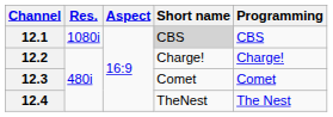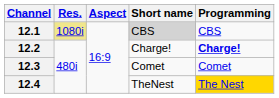 <table class="wikitable">
 <tr>
 <th scope = "col"><a href='#'>Channel</a></th>
 <th scope = "col"><a href='#'>Res.</a></th>
 <th scope = "col"><a href='#'>Aspect</a></th>
 <th scope = "col">Short name</th>
 <th scope = "col">Programming</th>
 </tr>
 <tr>
 <th scope = "row">12.1</th>
-<td><a href='#'>1080i</a></td>
+<td style="background: khaki;"><a href='#'>1080i</a></td>
 <td rowspan="4"><a href='#'>16:9</a></td>
 <td style="background: lightgrey;">CBS</td>
 <td><a href='#'>CBS</a></td>
 </tr>
 <tr>
 <th scope = "row">12.2</th>
 <td rowspan="3"><a href='#'>480i</a></td>
 <td>Charge!</td>
-<td><a href='#'>Charge!</a></td>
+<td><strong><a href='#'>Charge!</a></strong></td>
 </tr>
 <tr>
 <th scope = "row">12.3</th>
 <td>Comet</td>
 <td><a href='#'>Comet</a></td>
 </tr>
 <tr>
 <th scope = "row">12.4</th>
 <td>TheNest</td>
-<td><a href='#'>The Nest</a></td>
+<td style="background: gold;"><a href='#'>The Nest</a></td>
 </tr>
 </table>
